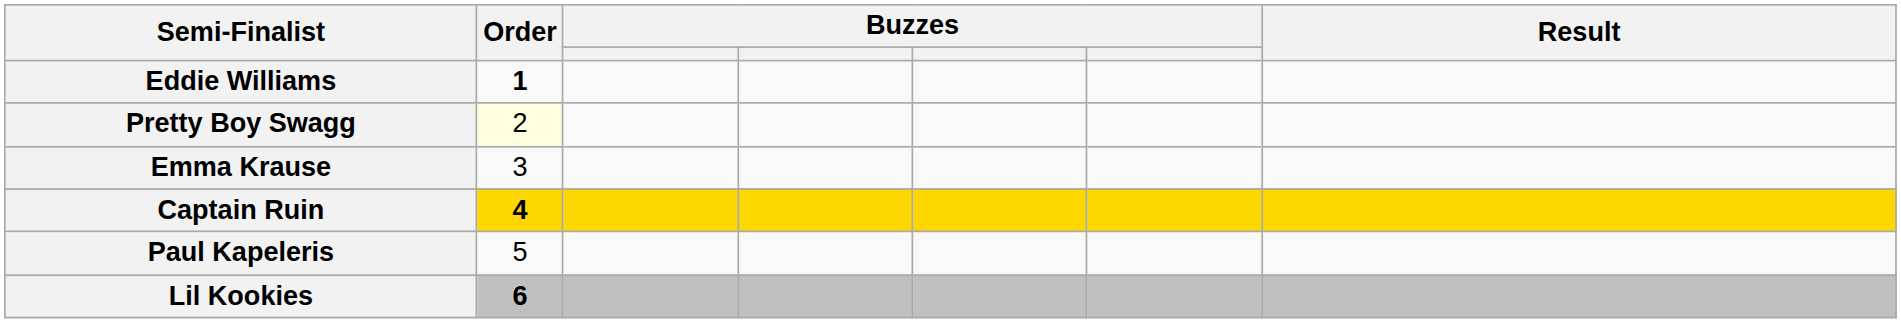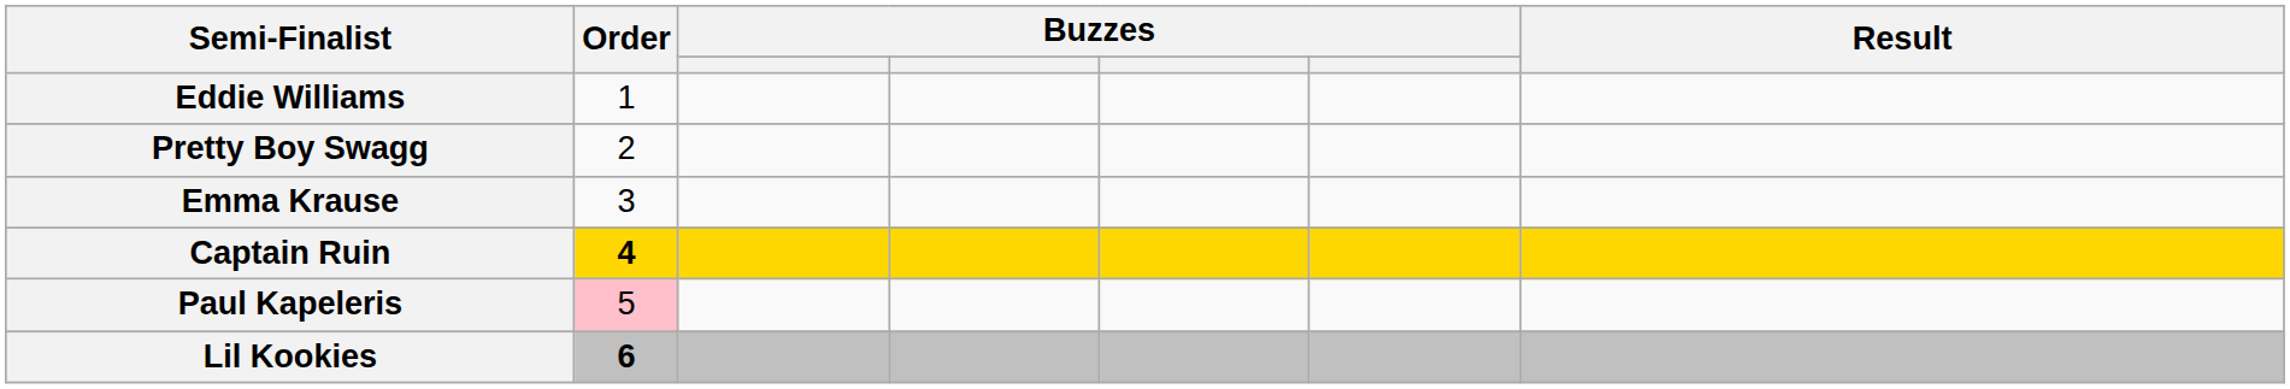 <table class="wikitable plainrowheaders sortable" style="text-align:center;">
 <tr>
 <th scope="col" rowspan="2" class="unsortable" style="width:17em;">Semi-Finalist</th>
 <th scope="col" rowspan="2" style="width:1em;">Order</th>
 <th scope="col" colspan="4" class="unsortable" style="width:24em;">Buzzes</th>
 <th scope="col" rowspan="2" style="width:23em;">Result</th>
 </tr>
 <tr>
 <th scope="col" class="unsortable" style="width:6em;"></th>
 <th scope="col" class="unsortable" style="width:6em;"></th>
 <th scope="col" class="unsortable" style="width:6em;"></th>
 <th scope="col" class="unsortable" style="width:6em;"></th>
 </tr>
 <tr>
 <th scope="row">Eddie Williams</th>
-<td><strong>1</strong></td>
+<td>1</td>
 <td style="text-align:center;"></td>
 <td style="text-align:center;"></td>
 <td style="text-align:center;"></td>
 <td style="text-align:center;"></td>
 <td></td>
 </tr>
 <tr>
 <th scope="row">Pretty Boy Swagg</th>
-<td style="background: lightyellow;">2</td>
+<td>2</td>
 <td style="text-align:center;"></td>
 <td style="text-align:center;"></td>
 <td style="text-align:center;"></td>
 <td style="text-align:center;"></td>
 <td></td>
 </tr>
 <tr>
 <th scope="row">Emma Krause</th>
 <td>3</td>
 <td style="text-align:center;"></td>
 <td style="text-align:center;"></td>
 <td style="text-align:center;"></td>
 <td style="text-align:center;"></td>
 <td></td>
 </tr>
 <tr bgcolor=gold>
 <th scope="row"><strong>Captain Ruin</strong></th>
 <td><strong>4</strong></td>
 <td style="text-align:center;"></td>
 <td style="text-align:center;"></td>
 <td style="text-align:center;"></td>
 <td style="text-align:center;"></td>
 <td><strong></strong></td>
 </tr>
 <tr>
 <th scope="row">Paul Kapeleris</th>
-<td>5</td>
+<td style="background: pink;">5</td>
 <td style="text-align:center;"></td>
 <td style="text-align:center;"></td>
 <td style="text-align:center;"></td>
 <td style="text-align:center;"></td>
 <td></td>
 </tr>
 <tr bgcolor=silver>
 <th scope="row"><strong>Lil Kookies</strong></th>
 <td><strong>6</strong></td>
 <td style="text-align:center;"></td>
 <td style="text-align:center;"></td>
 <td style="text-align:center;"></td>
 <td style="text-align:center;"></td>
 <td><strong></strong></td>
 </tr>
 </table>
